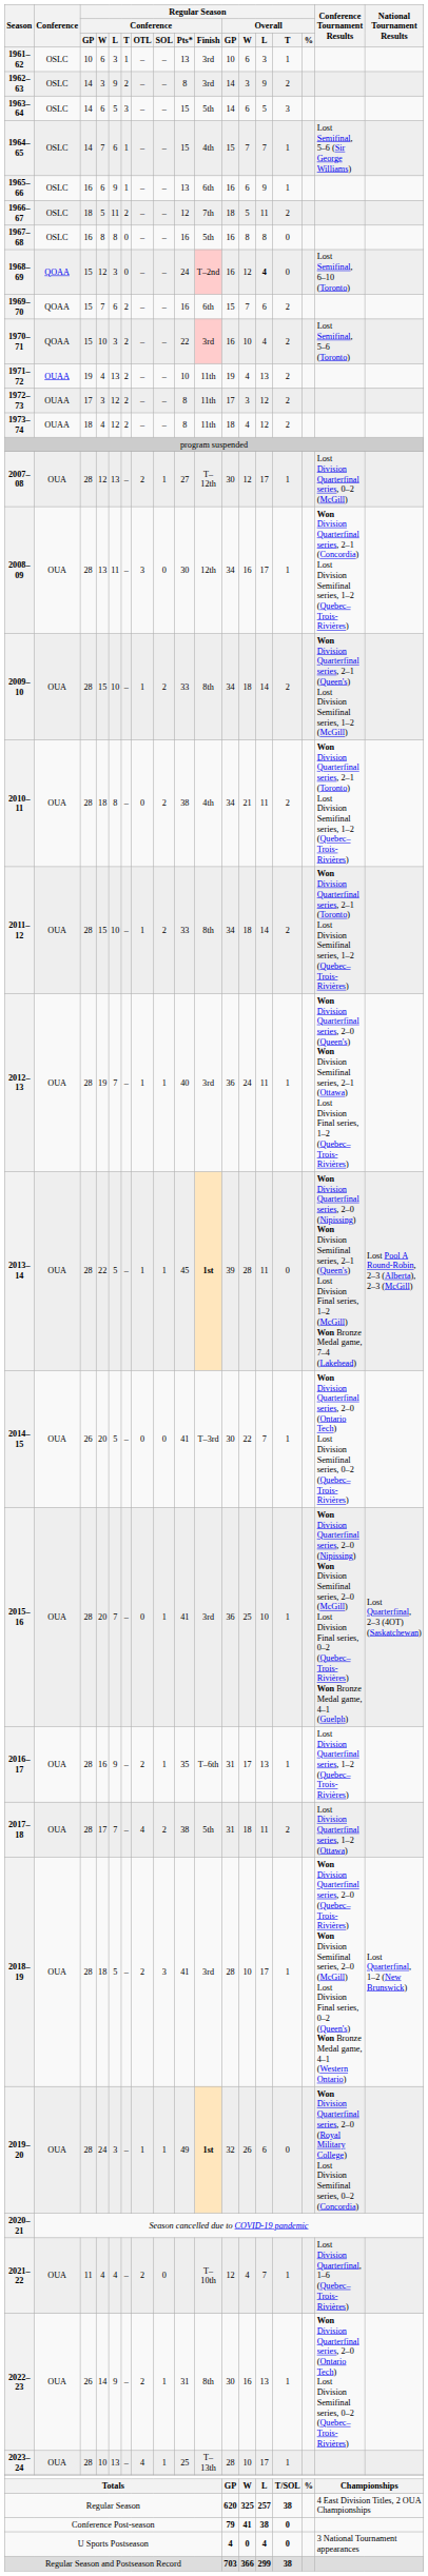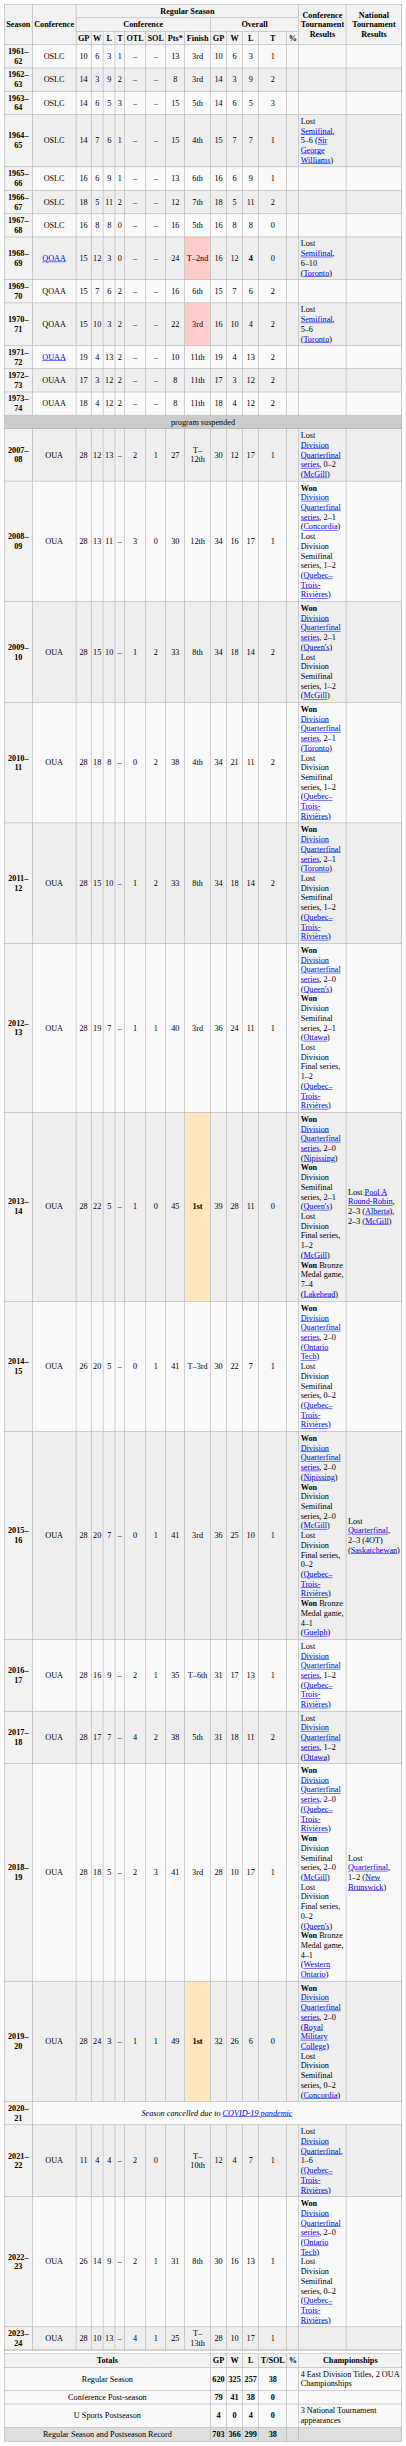 <table class="wikitable" style="text-align: center; font-size: 95%">
 <tr>
 <th rowspan="3">Season</th>
 <th rowspan="3">Conference</th>
 <th colspan="13">Regular Season</th>
 <th rowspan="3">Conference Tournament Results</th>
 <th rowspan="3">National Tournament Results</th>
 </tr>
 <tr>
 <th colspan="8">Conference</th>
 <th colspan="5">Overall</th>
 </tr>
 <tr>
 <th>GP</th>
 <th>W</th>
 <th>L</th>
 <th>T</th>
 <th>OTL</th>
 <th>SOL</th>
 <th>Pts*</th>
 <th>Finish</th>
 <th>GP</th>
 <th>W</th>
 <th>L</th>
 <th>T</th>
 <th>%</th>
 </tr>
 <tr>
 <th>1961–62</th>
 <td>OSLC</td>
 <td>10</td>
 <td>6</td>
 <td>3</td>
 <td>1</td>
 <td>–</td>
 <td>–</td>
 <td>13</td>
 <td>3rd</td>
 <td>10</td>
 <td>6</td>
 <td>3</td>
 <td>1</td>
 <td></td>
 <td align="left"></td>
 <td align="left"></td>
 </tr>
 <tr bgcolor=eeeeee>
 <th>1962–63</th>
 <td>OSLC</td>
 <td>14</td>
 <td>3</td>
 <td>9</td>
 <td>2</td>
 <td>–</td>
 <td>–</td>
 <td>8</td>
 <td>3rd</td>
 <td>14</td>
 <td>3</td>
 <td>9</td>
 <td>2</td>
 <td></td>
 <td align="left"></td>
 <td align="left"></td>
 </tr>
 <tr>
 <th>1963–64</th>
 <td>OSLC</td>
 <td>14</td>
 <td>6</td>
 <td>5</td>
 <td>3</td>
 <td>–</td>
 <td>–</td>
 <td>15</td>
 <td>5th</td>
 <td>14</td>
 <td>6</td>
 <td>5</td>
 <td>3</td>
 <td></td>
 <td align="left"></td>
 <td align="left"></td>
 </tr>
 <tr bgcolor=eeeeee>
 <th>1964–65</th>
 <td>OSLC</td>
 <td>14</td>
 <td>7</td>
 <td>6</td>
 <td>1</td>
 <td>–</td>
 <td>–</td>
 <td>15</td>
 <td>4th</td>
 <td>15</td>
 <td>7</td>
 <td>7</td>
 <td>1</td>
 <td></td>
 <td align="left">Lost <a href='#'>Semifinal</a>, 5–6 (<a href='#'>Sir George Williams</a>)</td>
 <td align="left"></td>
 </tr>
 <tr>
 <th>1965–66</th>
 <td>OSLC</td>
 <td>16</td>
 <td>6</td>
 <td>9</td>
 <td>1</td>
 <td>–</td>
 <td>–</td>
 <td>13</td>
 <td>6th</td>
 <td>16</td>
 <td>6</td>
 <td>9</td>
 <td>1</td>
 <td></td>
 <td align="left"></td>
 <td align="left"></td>
 </tr>
 <tr bgcolor=eeeeee>
 <th>1966–67</th>
 <td>OSLC</td>
 <td>18</td>
 <td>5</td>
 <td>11</td>
 <td>2</td>
 <td>–</td>
 <td>–</td>
 <td>12</td>
 <td>7th</td>
 <td>18</td>
 <td>5</td>
 <td>11</td>
 <td>2</td>
 <td></td>
 <td align="left"></td>
 <td align="left"></td>
 </tr>
 <tr>
 <th>1967–68</th>
 <td>OSLC</td>
 <td>16</td>
 <td>8</td>
 <td>8</td>
 <td>0</td>
 <td>–</td>
 <td>–</td>
 <td>16</td>
 <td>5th</td>
 <td>16</td>
 <td>8</td>
 <td>8</td>
 <td>0</td>
 <td></td>
 <td align="left"></td>
 <td align="left"></td>
 </tr>
 <tr bgcolor=eeeeee>
 <th>1968–69</th>
 <td><a href='#'>QOAA</a></td>
 <td>15</td>
 <td>12</td>
 <td>3</td>
 <td>0</td>
 <td>–</td>
 <td>–</td>
 <td>24</td>
 <td bgcolor=ffcccc>T–2nd</td>
 <td>16</td>
 <td>12</td>
 <td><strong>4</strong></td>
 <td>0</td>
 <td></td>
 <td align="left">Lost <a href='#'>Semifinal</a>, 6–10 (<a href='#'>Toronto</a>)</td>
 <td align="left"></td>
 </tr>
 <tr>
 <th>1969–70</th>
 <td>QOAA</td>
 <td>15</td>
 <td>7</td>
 <td>6</td>
 <td>2</td>
 <td>–</td>
 <td>–</td>
 <td>16</td>
 <td>6th</td>
 <td>15</td>
 <td>7</td>
 <td>6</td>
 <td>2</td>
 <td></td>
 <td align="left"></td>
 <td align="left"></td>
 </tr>
 <tr bgcolor=eeeeee>
 <th>1970–71</th>
 <td>QOAA</td>
 <td>15</td>
 <td>10</td>
 <td>3</td>
 <td>2</td>
 <td>–</td>
 <td>–</td>
 <td>22</td>
 <td bgcolor=ffcccc>3rd</td>
 <td>16</td>
 <td>10</td>
 <td>4</td>
 <td>2</td>
 <td></td>
 <td align="left">Lost <a href='#'>Semifinal</a>, 5–6 (<a href='#'>Toronto</a>)</td>
 <td align="left"></td>
 </tr>
 <tr>
 <th>1971–72</th>
 <td><a href='#'>OUAA</a></td>
 <td>19</td>
 <td>4</td>
 <td>13</td>
 <td>2</td>
 <td>–</td>
 <td>–</td>
 <td>10</td>
 <td>11th</td>
 <td>19</td>
 <td>4</td>
 <td>13</td>
 <td>2</td>
 <td></td>
 <td align="left"></td>
 <td align="left"></td>
 </tr>
 <tr bgcolor=eeeeee>
 <th>1972–73</th>
 <td>OUAA</td>
 <td>17</td>
 <td>3</td>
 <td>12</td>
 <td>2</td>
 <td>–</td>
 <td>–</td>
 <td>8</td>
 <td>11th</td>
 <td>17</td>
 <td>3</td>
 <td>12</td>
 <td>2</td>
 <td></td>
 <td align="left"></td>
 <td align="left"></td>
 </tr>
 <tr>
 <th>1973–74</th>
 <td>OUAA</td>
 <td>18</td>
 <td>4</td>
 <td>12</td>
 <td>2</td>
 <td>–</td>
 <td>–</td>
 <td>8</td>
 <td>11th</td>
 <td>18</td>
 <td>4</td>
 <td>12</td>
 <td>2</td>
 <td></td>
 <td align="left"></td>
 <td align="left"></td>
 </tr>
 <tr bgcolor=cccccc>
 <td colspan=18>program suspended</td>
 </tr>
 <tr bgcolor=eeeeee>
 <th>2007–08</th>
 <td>OUA</td>
 <td>28</td>
 <td>12</td>
 <td>13</td>
 <td>–</td>
 <td>2</td>
 <td>1</td>
 <td>27</td>
 <td>T–12th</td>
 <td>30</td>
 <td>12</td>
 <td>17</td>
 <td>1</td>
 <td></td>
 <td align="left">Lost <a href='#'>Division Quarterfinal series</a>, 0–2 (<a href='#'>McGill</a>)</td>
 <td align="left"></td>
 </tr>
 <tr>
 <th>2008–09</th>
 <td>OUA</td>
 <td>28</td>
 <td>13</td>
 <td>11</td>
 <td>–</td>
 <td>3</td>
 <td>0</td>
 <td>30</td>
 <td>12th</td>
 <td>34</td>
 <td>16</td>
 <td>17</td>
 <td>1</td>
 <td></td>
 <td align="left"><strong>Won</strong> <a href='#'>Division Quarterfinal series</a>, 2–1 (<a href='#'>Concordia</a>)<br>Lost Division Semifinal series, 1–2 (<a href='#'>Quebec–Trois-Rivières</a>)</td>
 <td align="left"></td>
 </tr>
 <tr bgcolor=eeeeee>
 <th>2009–10</th>
 <td>OUA</td>
 <td>28</td>
 <td>15</td>
 <td>10</td>
 <td>–</td>
 <td>1</td>
 <td>2</td>
 <td>33</td>
 <td>8th</td>
 <td>34</td>
 <td>18</td>
 <td>14</td>
 <td>2</td>
 <td></td>
 <td align="left"><strong>Won</strong> <a href='#'>Division Quarterfinal series</a>, 2–1 (<a href='#'>Queen's</a>)<br>Lost Division Semifinal series, 1–2 (<a href='#'>McGill</a>)</td>
 <td align="left"></td>
 </tr>
 <tr>
 <th>2010–11</th>
 <td>OUA</td>
 <td>28</td>
 <td>18</td>
 <td>8</td>
 <td>–</td>
 <td>0</td>
 <td>2</td>
 <td>38</td>
 <td>4th</td>
 <td>34</td>
 <td>21</td>
 <td>11</td>
 <td>2</td>
 <td></td>
 <td align="left"><strong>Won</strong> <a href='#'>Division Quarterfinal series</a>, 2–1 (<a href='#'>Toronto</a>)<br>Lost Division Semifinal series, 1–2 (<a href='#'>Quebec–Trois-Rivières</a>)</td>
 <td align="left"></td>
 </tr>
 <tr bgcolor=eeeeee>
 <th>2011–12</th>
 <td>OUA</td>
 <td>28</td>
 <td>15</td>
 <td>10</td>
 <td>–</td>
 <td>1</td>
 <td>2</td>
 <td>33</td>
 <td>8th</td>
 <td>34</td>
 <td>18</td>
 <td>14</td>
 <td>2</td>
 <td></td>
 <td align="left"><strong>Won</strong> <a href='#'>Division Quarterfinal series</a>, 2–1 (<a href='#'>Toronto</a>)<br>Lost Division Semifinal series, 1–2 (<a href='#'>Quebec–Trois-Rivières</a>)</td>
 <td align="left"></td>
 </tr>
 <tr>
 <th>2012–13</th>
 <td>OUA</td>
 <td>28</td>
 <td>19</td>
 <td>7</td>
 <td>–</td>
 <td>1</td>
 <td>1</td>
 <td>40</td>
 <td>3rd</td>
 <td>36</td>
 <td>24</td>
 <td>11</td>
 <td>1</td>
 <td></td>
 <td align="left"><strong>Won</strong> <a href='#'>Division Quarterfinal series</a>, 2–0 (<a href='#'>Queen's</a>)<br><strong>Won</strong> Division Semifinal series, 2–1 (<a href='#'>Ottawa</a>)<br>Lost Division Final series, 1–2 (<a href='#'>Quebec–Trois-Rivières</a>)</td>
 <td align="left"></td>
 </tr>
 <tr bgcolor=eeeeee>
 <th>2013–14</th>
 <td>OUA</td>
 <td>28</td>
 <td>22</td>
 <td>5</td>
 <td>–</td>
 <td>1</td>
-<td>1</td>
+<td>0</td>
 <td>45</td>
 <td bgcolor=FFE6BD><strong>1st</strong></td>
 <td>39</td>
 <td>28</td>
 <td>11</td>
 <td>0</td>
 <td></td>
 <td align="left"><strong>Won</strong> <a href='#'>Division Quarterfinal series</a>, 2–0 (<a href='#'>Nipissing</a>)<br><strong>Won</strong> Division Semifinal series, 2–1 (<a href='#'>Queen's</a>)<br>Lost Division Final series, 1–2 (<a href='#'>McGill</a>)<br><strong>Won</strong> Bronze Medal game, 7–4 (<a href='#'>Lakehead</a>)</td>
 <td align="left">Lost <a href='#'>Pool A Round-Robin</a>, 2–3 (<a href='#'>Alberta</a>), 2–3 (<a href='#'>McGill</a>)</td>
 </tr>
 <tr>
 <th>2014–15</th>
 <td>OUA</td>
 <td>26</td>
 <td>20</td>
 <td>5</td>
 <td>–</td>
 <td>0</td>
-<td>0</td>
+<td>1</td>
 <td>41</td>
 <td>T–3rd</td>
 <td>30</td>
 <td>22</td>
 <td>7</td>
 <td>1</td>
 <td></td>
 <td align="left"><strong>Won</strong> <a href='#'>Division Quarterfinal series</a>, 2–0 (<a href='#'>Ontario Tech</a>)<br>Lost Division Semifinal series, 0–2 (<a href='#'>Quebec–Trois-Rivières</a>)</td>
 <td align="left"></td>
 </tr>
 <tr bgcolor=eeeeee>
 <th>2015–16</th>
 <td>OUA</td>
 <td>28</td>
 <td>20</td>
 <td>7</td>
 <td>–</td>
 <td>0</td>
 <td>1</td>
 <td>41</td>
 <td>3rd</td>
 <td>36</td>
 <td>25</td>
 <td>10</td>
 <td>1</td>
 <td></td>
 <td align="left"><strong>Won</strong> <a href='#'>Division Quarterfinal series</a>, 2–0 (<a href='#'>Nipissing</a>)<br><strong>Won</strong> Division Semifinal series, 2–0 (<a href='#'>McGill</a>)<br>Lost Division Final series, 0–2 (<a href='#'>Quebec–Trois-Rivières</a>)<br><strong>Won</strong> Bronze Medal game, 4–1 (<a href='#'>Guelph</a>)</td>
 <td align="left">Lost <a href='#'>Quarterfinal</a>, 2–3 (4OT) (<a href='#'>Saskatchewan</a>)</td>
 </tr>
 <tr>
 <th>2016–17</th>
 <td>OUA</td>
 <td>28</td>
 <td>16</td>
 <td>9</td>
 <td>–</td>
 <td>2</td>
 <td>1</td>
 <td>35</td>
 <td>T–6th</td>
 <td>31</td>
 <td>17</td>
 <td>13</td>
 <td>1</td>
 <td></td>
 <td align="left">Lost <a href='#'>Division Quarterfinal series</a>, 1–2 (<a href='#'>Quebec–Trois-Rivières</a>)</td>
 <td align="left"></td>
 </tr>
 <tr bgcolor=eeeeee>
 <th>2017–18</th>
 <td>OUA</td>
 <td>28</td>
 <td>17</td>
 <td>7</td>
 <td>–</td>
 <td>4</td>
 <td>2</td>
 <td>38</td>
 <td>5th</td>
 <td>31</td>
 <td>18</td>
 <td>11</td>
 <td>2</td>
 <td></td>
 <td align="left">Lost <a href='#'>Division Quarterfinal series</a>, 1–2 (<a href='#'>Ottawa</a>)</td>
 <td align="left"></td>
 </tr>
 <tr>
 <th>2018–19</th>
 <td>OUA</td>
 <td>28</td>
 <td>18</td>
 <td>5</td>
 <td>–</td>
 <td>2</td>
 <td>3</td>
 <td>41</td>
 <td>3rd</td>
 <td>28</td>
 <td>10</td>
 <td>17</td>
 <td>1</td>
 <td></td>
 <td align="left"><strong>Won</strong> <a href='#'>Division Quarterfinal series</a>, 2–0 (<a href='#'>Quebec–Trois-Rivières</a>)<br><strong>Won</strong> Division Semifinal series, 2–0 (<a href='#'>McGill</a>)<br>Lost Division Final series, 0–2 (<a href='#'>Queen's</a>)<br><strong>Won</strong> Bronze Medal game, 4–1 (<a href='#'>Western Ontario</a>)</td>
 <td align="left">Lost <a href='#'>Quarterfinal</a>, 1–2 (<a href='#'>New Brunswick</a>)</td>
 </tr>
 <tr bgcolor=eeeeee>
 <th>2019–20</th>
 <td>OUA</td>
 <td>28</td>
 <td>24</td>
 <td>3</td>
 <td>–</td>
 <td>1</td>
 <td>1</td>
 <td>49</td>
 <td bgcolor=FFE6BD><strong>1st</strong></td>
 <td>32</td>
 <td>26</td>
 <td>6</td>
 <td>0</td>
 <td></td>
 <td align="left"><strong>Won</strong> <a href='#'>Division Quarterfinal series</a>, 2–0 (<a href='#'>Royal Military College</a>)<br>Lost Division Semifinal series, 0–2 (<a href='#'>Concordia</a>)</td>
 <td align="left"></td>
 </tr>
 <tr>
 <th>2020–21</th>
 <td colspan=17><em>Season cancelled due to <a href='#'>COVID-19 pandemic</a></em></td>
 </tr>
 <tr bgcolor=eeeeee>
 <th>2021–22</th>
 <td>OUA</td>
 <td>11</td>
 <td>4</td>
 <td>4</td>
 <td>–</td>
 <td>2</td>
 <td>0</td>
 <td></td>
 <td>T–10th</td>
 <td>12</td>
 <td>4</td>
 <td>7</td>
 <td>1</td>
 <td></td>
 <td align="left">Lost <a href='#'>Division Quarterfinal</a>, 1–6 (<a href='#'>Quebec–Trois-Rivières</a>)</td>
 <td align="left"></td>
 </tr>
 <tr>
 <th>2022–23</th>
 <td>OUA</td>
 <td>26</td>
 <td>14</td>
 <td>9</td>
 <td>–</td>
 <td>2</td>
 <td>1</td>
 <td>31</td>
 <td>8th</td>
 <td>30</td>
 <td>16</td>
 <td>13</td>
 <td>1</td>
 <td></td>
 <td align="left"><strong>Won</strong> <a href='#'>Division Quarterfinal series</a>, 2–0 (<a href='#'>Ontario Tech</a>)<br>Lost Division Semifinal series, 0–2 (<a href='#'>Quebec–Trois-Rivières</a>)</td>
 <td align="left"></td>
 </tr>
 <tr bgcolor=eeeeee>
 <th>2023–24</th>
 <td>OUA</td>
 <td>28</td>
 <td>10</td>
 <td>13</td>
 <td>–</td>
 <td>4</td>
 <td>1</td>
 <td>25</td>
 <td>T–13th</td>
 <td>28</td>
 <td>10</td>
 <td>17</td>
 <td>1</td>
 <td></td>
 <td align="left"></td>
 <td align="left"></td>
 </tr>
 <tr>
 </tr>
 <tr ->
 </tr>
 <tr>
 <td colspan="17" style="background:#fff;"></td>
 </tr>
 <tr>
 <th colspan="10">Totals</th>
 <th>GP</th>
 <th>W</th>
 <th>L</th>
 <th>T/SOL</th>
 <th>%</th>
 <th colspan="2">Championships</th>
 </tr>
 <tr>
 <td colspan="10">Regular Season</td>
 <td><strong>620</strong></td>
 <td><strong>325</strong></td>
 <td><strong>257</strong></td>
 <td><strong>38</strong></td>
 <td><strong></strong></td>
 <td colspan="2" align="left">4 East Division Titles, 2 OUA Championships</td>
 </tr>
 <tr>
 <td colspan="10">Conference Post-season</td>
 <td><strong>79</strong></td>
 <td><strong>41</strong></td>
 <td><strong>38</strong></td>
 <td><strong>0</strong></td>
 <td><strong></strong></td>
 <td colspan="2" align="left"></td>
 </tr>
 <tr>
 <td colspan="10">U Sports Postseason</td>
 <td><strong>4</strong></td>
 <td><strong>0</strong></td>
 <td><strong>4</strong></td>
 <td><strong>0</strong></td>
 <td><strong></strong></td>
 <td colspan="2" align="left">3 National Tournament appearances</td>
 </tr>
 <tr bgcolor=dddddd>
 <td colspan="10">Regular Season and Postseason Record</td>
 <td><strong>703</strong></td>
 <td><strong>366</strong></td>
 <td><strong>299</strong></td>
 <td><strong>38</strong></td>
 <td><strong></strong></td>
 <td colspan="2" align="left"></td>
 </tr>
 </table>
